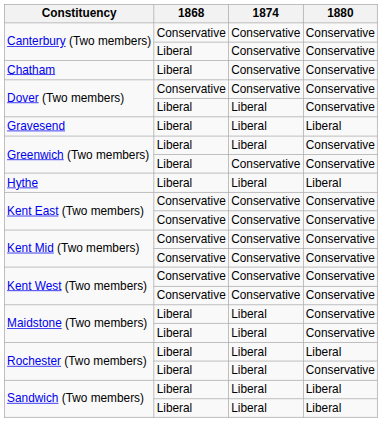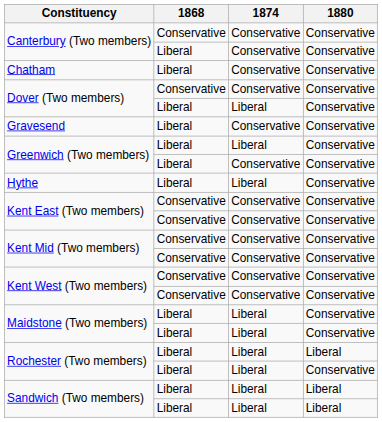 <table class="wikitable">
 <tr>
 <th>Constituency</th>
 <th>1868</th>
 <th>1874</th>
 <th>1880</th>
 </tr>
 <tr>
 <td rowspan="2"><a href='#'>Canterbury</a> (Two members)</td>
 <td>Conservative</td>
 <td>Conservative</td>
 <td>Conservative</td>
 </tr>
 <tr>
 <td>Liberal</td>
 <td>Conservative</td>
 <td>Conservative</td>
 </tr>
 <tr>
 <td><a href='#'>Chatham</a></td>
 <td>Liberal</td>
 <td>Conservative</td>
 <td>Conservative</td>
 </tr>
 <tr>
 <td rowspan="2"><a href='#'>Dover</a> (Two members)</td>
 <td>Conservative</td>
 <td>Conservative</td>
 <td>Conservative</td>
 </tr>
 <tr>
 <td>Liberal</td>
 <td>Liberal</td>
 <td>Conservative</td>
 </tr>
 <tr>
 <td><a href='#'>Gravesend</a></td>
 <td>Liberal</td>
-<td>Liberal</td>
-<td>Liberal</td>
+<td>Conservative</td>
+<td>Conservative</td>
 </tr>
 <tr>
 <td rowspan="2"><a href='#'>Greenwich</a> (Two members)</td>
 <td>Liberal</td>
 <td>Liberal</td>
 <td>Conservative</td>
 </tr>
 <tr>
 <td>Liberal</td>
 <td>Conservative</td>
 <td>Conservative</td>
 </tr>
 <tr>
 <td><a href='#'>Hythe</a></td>
 <td>Liberal</td>
 <td>Liberal</td>
-<td>Liberal</td>
+<td>Conservative</td>
 </tr>
 <tr>
 <td rowspan="2"><a href='#'>Kent East</a> (Two members)</td>
 <td>Conservative</td>
 <td>Conservative</td>
 <td>Conservative</td>
 </tr>
 <tr>
 <td>Conservative</td>
 <td>Conservative</td>
 <td>Conservative</td>
 </tr>
 <tr>
 <td rowspan="2"><a href='#'>Kent Mid</a> (Two members)</td>
 <td>Conservative</td>
 <td>Conservative</td>
 <td>Conservative</td>
 </tr>
 <tr>
 <td>Conservative</td>
 <td>Conservative</td>
 <td>Conservative</td>
 </tr>
 <tr>
 <td rowspan="2"><a href='#'>Kent West</a> (Two members)</td>
 <td>Conservative</td>
 <td>Conservative</td>
 <td>Conservative</td>
 </tr>
 <tr>
 <td>Conservative</td>
 <td>Conservative</td>
 <td>Conservative</td>
 </tr>
 <tr>
 <td rowspan="2"><a href='#'>Maidstone</a> (Two members)</td>
 <td>Liberal</td>
 <td>Liberal</td>
 <td>Conservative</td>
 </tr>
 <tr>
 <td>Liberal</td>
 <td>Liberal</td>
 <td>Conservative</td>
 </tr>
 <tr>
 <td rowspan="2"><a href='#'>Rochester</a> (Two members)</td>
 <td>Liberal</td>
 <td>Liberal</td>
 <td>Liberal</td>
 </tr>
 <tr>
 <td>Liberal</td>
 <td>Liberal</td>
 <td>Conservative</td>
 </tr>
 <tr>
 <td rowspan="2"><a href='#'>Sandwich</a> (Two members)</td>
 <td>Liberal</td>
 <td>Liberal</td>
 <td>Liberal</td>
 </tr>
 <tr>
 <td>Liberal</td>
 <td>Liberal</td>
 <td>Liberal</td>
 </tr>
 </table>
